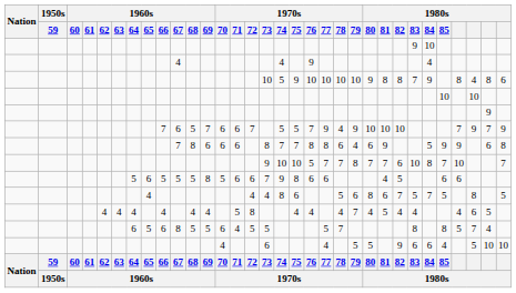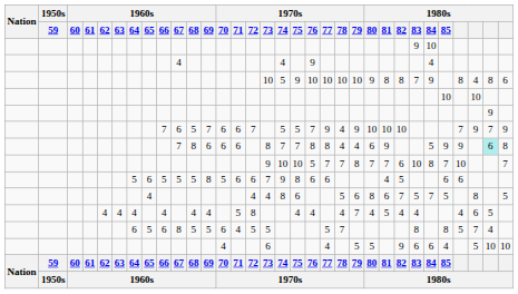 <table class="wikitable" style="text-align:center; font-size:90%;">
 <tr>
 <th rowspan=2>Nation</th>
 <th colspan=1>1950s</th>
 <th colspan=10>1960s</th>
 <th colspan=10>1970s</th>
 <th colspan=10>1980s</th>
 </tr>
 <tr>
 <th><a href='#'>59</a></th>
 <th><a href='#'>60</a></th>
 <th><a href='#'>61</a></th>
 <th><a href='#'>62</a></th>
 <th><a href='#'>63</a></th>
 <th><a href='#'>64</a></th>
 <th><a href='#'>65</a></th>
 <th><a href='#'>66</a></th>
 <th><a href='#'>67</a></th>
 <th><a href='#'>68</a></th>
 <th><a href='#'>69</a></th>
 <th><a href='#'>70</a></th>
 <th><a href='#'>71</a></th>
 <th><a href='#'>72</a></th>
 <th><a href='#'>73</a></th>
 <th><a href='#'>74</a></th>
 <th><a href='#'>75</a></th>
 <th><a href='#'>76</a></th>
 <th><a href='#'>77</a></th>
 <th><a href='#'>78</a></th>
 <th><a href='#'>79</a></th>
 <th><a href='#'>80</a></th>
 <th><a href='#'>81</a></th>
 <th><a href='#'>82</a></th>
 <th><a href='#'>83</a></th>
 <th><a href='#'>84</a></th>
 <th><a href='#'>85</a></th>
 <th></th>
 <th></th>
 <th></th>
 <th></th>
 </tr>
 <tr>
 <td align=left></td>
 <td></td>
 <td></td>
 <td></td>
 <td></td>
 <td></td>
 <td></td>
 <td></td>
 <td></td>
 <td></td>
 <td></td>
 <td></td>
 <td></td>
 <td></td>
 <td></td>
 <td></td>
 <td></td>
 <td></td>
 <td></td>
 <td></td>
 <td></td>
 <td></td>
 <td></td>
 <td></td>
 <td></td>
 <td>9</td>
 <td>10</td>
 <td></td>
 <td></td>
 <td></td>
 <td></td>
 <td></td>
 </tr>
 <tr>
 <td align=left></td>
 <td></td>
 <td></td>
 <td></td>
 <td></td>
 <td></td>
 <td></td>
 <td></td>
 <td></td>
 <td>4</td>
 <td></td>
 <td></td>
 <td></td>
 <td></td>
 <td></td>
 <td></td>
 <td>4</td>
 <td></td>
 <td>9</td>
 <td></td>
 <td></td>
 <td></td>
 <td></td>
 <td></td>
 <td></td>
 <td></td>
 <td>4</td>
 <td></td>
 <td></td>
 <td></td>
 <td></td>
 <td></td>
 </tr>
 <tr>
 <td align=left></td>
 <td></td>
 <td></td>
 <td></td>
 <td></td>
 <td></td>
 <td></td>
 <td></td>
 <td></td>
 <td></td>
 <td></td>
 <td></td>
 <td></td>
 <td></td>
 <td></td>
 <td>10</td>
 <td>5</td>
 <td>9</td>
 <td>10</td>
 <td>10</td>
 <td>10</td>
 <td>10</td>
 <td>9</td>
 <td>8</td>
 <td>8</td>
 <td>7</td>
 <td>9</td>
 <td></td>
 <td>8</td>
 <td>4</td>
 <td>8</td>
 <td>6</td>
 </tr>
 <tr>
 <td align=left></td>
 <td></td>
 <td></td>
 <td></td>
 <td></td>
 <td></td>
 <td></td>
 <td></td>
 <td></td>
 <td></td>
 <td></td>
 <td></td>
 <td></td>
 <td></td>
 <td></td>
 <td></td>
 <td></td>
 <td></td>
 <td></td>
 <td></td>
 <td></td>
 <td></td>
 <td></td>
 <td></td>
 <td></td>
 <td></td>
 <td></td>
 <td>10</td>
 <td></td>
 <td>10</td>
 <td></td>
 <td></td>
 </tr>
 <tr>
 <td align=left></td>
 <td></td>
 <td></td>
 <td></td>
 <td></td>
 <td></td>
 <td></td>
 <td></td>
 <td></td>
 <td></td>
 <td></td>
 <td></td>
 <td></td>
 <td></td>
 <td></td>
 <td></td>
 <td></td>
 <td></td>
 <td></td>
 <td></td>
 <td></td>
 <td></td>
 <td></td>
 <td></td>
 <td></td>
 <td></td>
 <td></td>
 <td></td>
 <td></td>
 <td></td>
 <td>9</td>
 <td></td>
 </tr>
 <tr>
 <td align=left></td>
 <td></td>
 <td></td>
 <td></td>
 <td></td>
 <td></td>
 <td></td>
 <td></td>
 <td>7</td>
 <td>6</td>
 <td>5</td>
 <td>7</td>
 <td>6</td>
 <td>6</td>
 <td>7</td>
 <td></td>
 <td>5</td>
 <td>5</td>
 <td>7</td>
 <td>9</td>
 <td>4</td>
 <td>9</td>
 <td>10</td>
 <td>10</td>
 <td>10</td>
 <td></td>
 <td></td>
 <td></td>
 <td>7</td>
 <td>9</td>
 <td>7</td>
 <td>9</td>
 </tr>
 <tr>
 <td align=left></td>
 <td></td>
 <td></td>
 <td></td>
 <td></td>
 <td></td>
 <td></td>
 <td></td>
 <td></td>
 <td>7</td>
 <td>8</td>
 <td>6</td>
 <td>6</td>
 <td>6</td>
 <td></td>
 <td>8</td>
 <td>7</td>
 <td>7</td>
 <td>8</td>
 <td>8</td>
-<td>6</td>
+<td>4</td>
 <td>4</td>
 <td>6</td>
 <td>9</td>
 <td></td>
 <td></td>
 <td>5</td>
 <td>9</td>
 <td>9</td>
 <td></td>
-<td>6</td>
+<td style="background: paleturquoise;">6</td>
 <td>8</td>
 </tr>
 <tr>
 <td align=left></td>
 <td></td>
 <td></td>
 <td></td>
 <td></td>
 <td></td>
 <td></td>
 <td></td>
 <td></td>
 <td></td>
 <td></td>
 <td></td>
 <td></td>
 <td></td>
 <td></td>
 <td>9</td>
 <td>10</td>
 <td>10</td>
 <td>5</td>
 <td>7</td>
 <td>7</td>
 <td>8</td>
 <td>7</td>
 <td>7</td>
 <td>6</td>
 <td>10</td>
 <td>8</td>
 <td>7</td>
 <td>10</td>
 <td></td>
 <td></td>
 <td>7</td>
 </tr>
 <tr>
 <td align=left></td>
 <td></td>
 <td></td>
 <td></td>
 <td></td>
 <td></td>
 <td>5</td>
 <td>6</td>
 <td>5</td>
 <td>5</td>
 <td>5</td>
 <td>8</td>
 <td>5</td>
 <td>6</td>
 <td>6</td>
 <td>7</td>
 <td>9</td>
 <td>8</td>
 <td>6</td>
 <td>6</td>
 <td></td>
 <td></td>
 <td></td>
 <td>4</td>
 <td>5</td>
 <td></td>
 <td></td>
 <td>6</td>
 <td>6</td>
 <td></td>
 <td></td>
 <td></td>
 </tr>
 <tr>
 <td align=left></td>
 <td></td>
 <td></td>
 <td></td>
 <td></td>
 <td></td>
 <td></td>
 <td>4</td>
 <td></td>
 <td></td>
 <td></td>
 <td></td>
 <td></td>
 <td></td>
 <td>4</td>
 <td>4</td>
 <td>8</td>
 <td>6</td>
 <td></td>
 <td></td>
 <td>5</td>
 <td>6</td>
 <td>8</td>
 <td>6</td>
 <td>7</td>
 <td>5</td>
 <td>7</td>
 <td>5</td>
 <td></td>
 <td>8</td>
 <td></td>
 <td>5</td>
 </tr>
 <tr>
 <td align=left></td>
 <td></td>
 <td></td>
 <td></td>
 <td>4</td>
 <td>4</td>
 <td>4</td>
 <td></td>
 <td>4</td>
 <td></td>
 <td>4</td>
 <td>4</td>
 <td></td>
 <td>5</td>
 <td>8</td>
 <td></td>
 <td></td>
 <td>4</td>
 <td>4</td>
 <td></td>
 <td>4</td>
 <td>7</td>
 <td>4</td>
 <td>5</td>
 <td>4</td>
 <td>4</td>
 <td></td>
 <td></td>
 <td>4</td>
 <td>6</td>
 <td>5</td>
 <td></td>
 </tr>
 <tr>
 <td align=left></td>
 <td></td>
 <td></td>
 <td></td>
 <td></td>
 <td></td>
 <td>6</td>
 <td>5</td>
 <td>6</td>
 <td>8</td>
 <td>5</td>
 <td>5</td>
 <td>6</td>
 <td>4</td>
 <td>5</td>
 <td>5</td>
 <td></td>
 <td></td>
 <td></td>
 <td>5</td>
 <td>7</td>
 <td></td>
 <td></td>
 <td></td>
 <td></td>
 <td>8</td>
 <td></td>
 <td>8</td>
 <td>5</td>
 <td>7</td>
 <td>4</td>
 <td></td>
 </tr>
 <tr>
 <td align=left></td>
 <td></td>
 <td></td>
 <td></td>
 <td></td>
 <td></td>
 <td></td>
 <td></td>
 <td></td>
 <td></td>
 <td></td>
 <td></td>
 <td>4</td>
 <td></td>
 <td></td>
 <td>6</td>
 <td></td>
 <td></td>
 <td></td>
 <td>4</td>
 <td></td>
 <td>5</td>
 <td>5</td>
 <td></td>
 <td>9</td>
 <td>6</td>
 <td>6</td>
 <td>4</td>
 <td></td>
 <td>5</td>
 <td>10</td>
 <td>10</td>
 </tr>
 <tr>
 <th rowspan=2>Nation</th>
 <th><a href='#'>59</a></th>
 <th><a href='#'>60</a></th>
 <th><a href='#'>61</a></th>
 <th><a href='#'>62</a></th>
 <th><a href='#'>63</a></th>
 <th><a href='#'>64</a></th>
 <th><a href='#'>65</a></th>
 <th><a href='#'>66</a></th>
 <th><a href='#'>67</a></th>
 <th><a href='#'>68</a></th>
 <th><a href='#'>69</a></th>
 <th><a href='#'>70</a></th>
 <th><a href='#'>71</a></th>
 <th><a href='#'>72</a></th>
 <th><a href='#'>73</a></th>
 <th><a href='#'>74</a></th>
 <th><a href='#'>75</a></th>
 <th><a href='#'>76</a></th>
 <th><a href='#'>77</a></th>
 <th><a href='#'>78</a></th>
 <th><a href='#'>79</a></th>
 <th><a href='#'>80</a></th>
 <th><a href='#'>81</a></th>
 <th><a href='#'>82</a></th>
 <th><a href='#'>83</a></th>
 <th><a href='#'>84</a></th>
 <th><a href='#'>85</a></th>
 <th></th>
 <th></th>
 <th></th>
 <th></th>
 </tr>
 <tr>
 <th colspan=1>1950s</th>
 <th colspan=10>1960s</th>
 <th colspan=10>1970s</th>
 <th colspan=10>1980s</th>
 </tr>
 </table>
